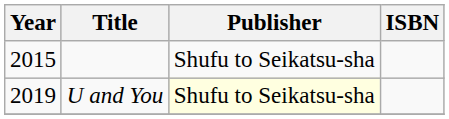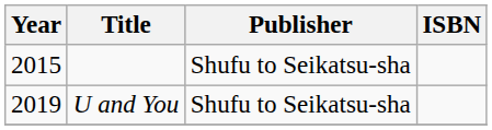 <table class="wikitable">
 <tr>
 <th>Year</th>
 <th>Title</th>
 <th>Publisher</th>
 <th>ISBN</th>
 </tr>
 <tr>
 <td>2015</td>
 <td></td>
 <td>Shufu to Seikatsu-sha</td>
 <td></td>
 </tr>
 <tr>
 <td>2019</td>
 <td><em>U and You</em></td>
-<td style="background: lightyellow;">Shufu to Seikatsu-sha</td>
+<td>Shufu to Seikatsu-sha</td>
 <td></td>
 </tr>
 <tr>
 </tr>
 </table>
